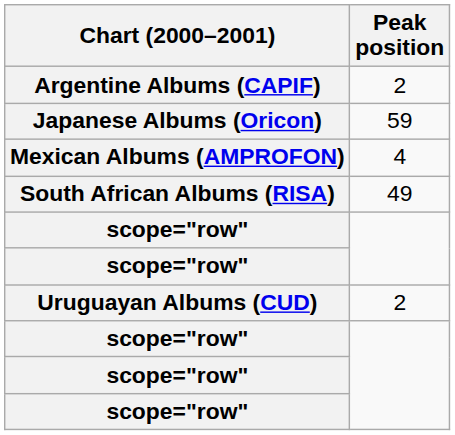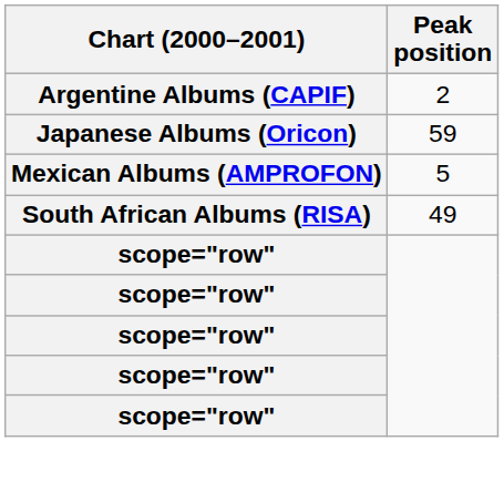 <table class="wikitable sortable plainrowheaders" style="text-align:center">
 <tr>
 <th scope="col">Chart (2000–2001)</th>
 <th scope="col">Peak<br>position</th>
 </tr>
 <tr>
 <th scope="row">Argentine Albums (<a href='#'>CAPIF</a>)</th>
 <td style="text-align:center;">2</td>
 </tr>
 <tr>
 <th scope="row">Japanese Albums (<a href='#'>Oricon</a>)</th>
 <td style="text-align:center;">59</td>
 </tr>
 <tr>
 <th scope="row">Mexican Albums (<a href='#'>AMPROFON</a>)</th>
-<td style="text-align:center;">4</td>
+<td style="text-align:center;">5</td>
 </tr>
 <tr>
 <th scope="row">South African Albums (<a href='#'>RISA</a>)</th>
 <td style="text-align:center;">49</td>
 </tr>
 <tr>
 <th>scope="row"</th>
 </tr>
 <tr>
 <th>scope="row"</th>
 </tr>
 <tr>
-<th scope="row">Uruguayan Albums (<a href='#'>CUD</a>)</th>
-<td style="text-align:center;">2</td>
-</tr>
-<tr>
 <th>scope="row"</th>
 </tr>
 <tr>
 <th>scope="row"</th>
 </tr>
 <tr>
 <th>scope="row"</th>
 </tr>
 </table>
